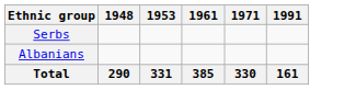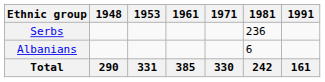 <table class="wikitable" border="1">
 <tr>
 <th>Ethnic group</th>
 <th style=width:3em>1948</th>
 <th style=width:3em>1953</th>
 <th style=width:3em>1961</th>
 <th style=width:3em>1971</th>
+<th style=width:3em>1981</th>
 <th style=width:3em>1991</th>
 </tr>
 <tr>
 <th style=font-weight:300><a href='#'>Serbs</a></th>
 <td></td>
 <td></td>
 <td></td>
 <td></td>
+<td>236</td>
 <td></td>
 </tr>
 <tr>
 <th style=font-weight:300><a href='#'>Albanians</a></th>
 <td></td>
 <td></td>
 <td></td>
 <td></td>
+<td>6</td>
 <td></td>
 </tr>
 <tr>
 <th>Total</th>
 <th>290</th>
 <th>331</th>
 <th>385</th>
 <th>330</th>
+<th>242</th>
 <th>161</th>
 </tr>
 </table>
